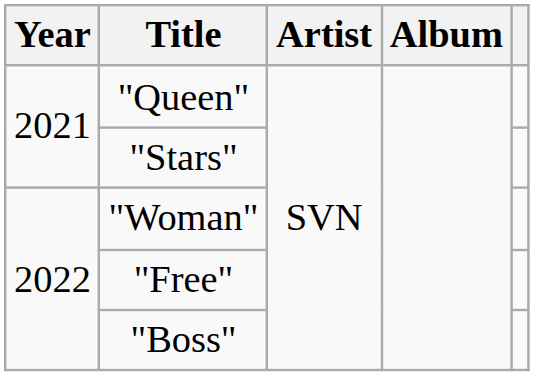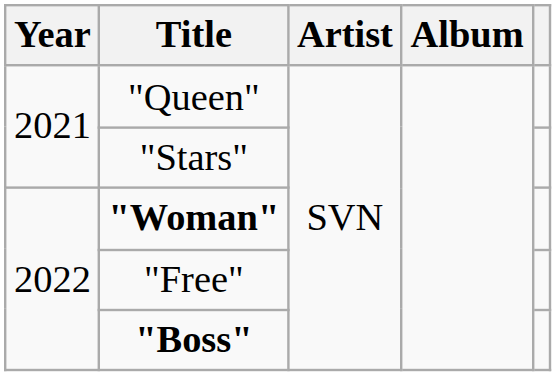 <table class="wikitable plainrowheaders" style="text-align:center;">
 <tr>
 <th>Year</th>
 <th>Title</th>
 <th>Artist</th>
 <th>Album</th>
 <th style="text-align: center;" class="unsortable"></th>
 </tr>
 <tr>
 <td rowspan="2">2021</td>
 <td>"Queen"</td>
 <td rowspan="5">SVN</td>
 <td rowspan="5"></td>
 <td></td>
 </tr>
 <tr>
 <td>"Stars"</td>
 <td></td>
 </tr>
 <tr>
 <td rowspan="3">2022</td>
-<td>"Woman"</td>
+<td><strong>"Woman"</strong></td>
 <td></td>
 </tr>
 <tr>
 <td>"Free"</td>
 <td></td>
 </tr>
 <tr>
-<td>"Boss"</td>
+<td><strong>"Boss"</strong></td>
 <td></td>
 </tr>
 </table>
